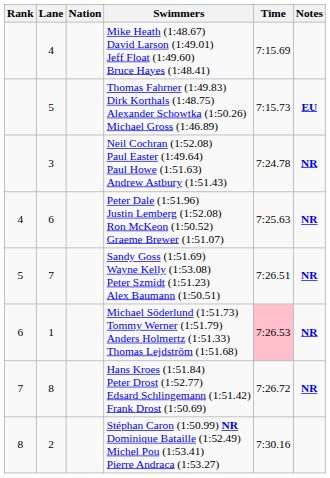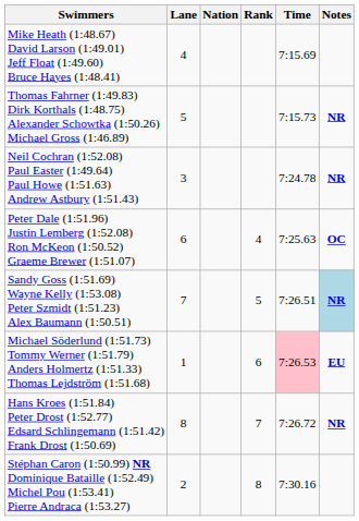 <table class="wikitable sortable" style="text-align:center">
 <tr>
-<th>Rank</th>
+<th>Swimmers</th>
 <th>Lane</th>
 <th>Nation</th>
-<th>Swimmers</th>
+<th>Rank</th>
 <th>Time</th>
 <th>Notes</th>
 </tr>
 <tr>
-<td></td>
+<td align=left><a href='#'>Mike Heath</a> (1:48.67)<br><a href='#'>David Larson</a> (1:49.01)<br><a href='#'>Jeff Float</a> (1:49.60)<br><a href='#'>Bruce Hayes</a> (1:48.41)</td>
 <td>4</td>
 <td align=left></td>
-<td align=left><a href='#'>Mike Heath</a> (1:48.67)<br><a href='#'>David Larson</a> (1:49.01)<br><a href='#'>Jeff Float</a> (1:49.60)<br><a href='#'>Bruce Hayes</a> (1:48.41)</td>
+<td></td>
 <td>7:15.69</td>
 <td></td>
 </tr>
 <tr>
-<td></td>
+<td align=left><a href='#'>Thomas Fahrner</a> (1:49.83)<br><a href='#'>Dirk Korthals</a> (1:48.75)<br><a href='#'>Alexander Schowtka</a> (1:50.26)<br><a href='#'>Michael Gross</a> (1:46.89)</td>
 <td>5</td>
 <td align=left></td>
-<td align=left><a href='#'>Thomas Fahrner</a> (1:49.83)<br><a href='#'>Dirk Korthals</a> (1:48.75)<br><a href='#'>Alexander Schowtka</a> (1:50.26)<br><a href='#'>Michael Gross</a> (1:46.89)</td>
+<td></td>
 <td>7:15.73</td>
-<td><strong><a href='#'>EU</a></strong></td>
+<td><strong><a href='#'>NR</a></strong></td>
 </tr>
 <tr>
-<td></td>
+<td align=left><a href='#'>Neil Cochran</a> (1:52.08)<br><a href='#'>Paul Easter</a> (1:49.64)<br><a href='#'>Paul Howe</a> (1:51.63)<br><a href='#'>Andrew Astbury</a> (1:51.43)</td>
 <td>3</td>
 <td align=left></td>
-<td align=left><a href='#'>Neil Cochran</a> (1:52.08)<br><a href='#'>Paul Easter</a> (1:49.64)<br><a href='#'>Paul Howe</a> (1:51.63)<br><a href='#'>Andrew Astbury</a> (1:51.43)</td>
+<td></td>
 <td>7:24.78</td>
 <td><strong><a href='#'>NR</a></strong></td>
 </tr>
 <tr>
-<td>4</td>
+<td align=left><a href='#'>Peter Dale</a> (1:51.96)<br><a href='#'>Justin Lemberg</a> (1:52.08)<br><a href='#'>Ron McKeon</a> (1:50.52)<br><a href='#'>Graeme Brewer</a> (1:51.07)</td>
 <td>6</td>
 <td align=left></td>
-<td align=left><a href='#'>Peter Dale</a> (1:51.96)<br><a href='#'>Justin Lemberg</a> (1:52.08)<br><a href='#'>Ron McKeon</a> (1:50.52)<br><a href='#'>Graeme Brewer</a> (1:51.07)</td>
+<td>4</td>
 <td>7:25.63</td>
-<td><strong><a href='#'>NR</a></strong></td>
+<td><strong><a href='#'>OC</a></strong></td>
 </tr>
 <tr>
-<td>5</td>
+<td align=left><a href='#'>Sandy Goss</a> (1:51.69)<br><a href='#'>Wayne Kelly</a> (1:53.08)<br><a href='#'>Peter Szmidt</a> (1:51.23)<br><a href='#'>Alex Baumann</a> (1:50.51)</td>
 <td>7</td>
 <td align=left></td>
-<td align=left><a href='#'>Sandy Goss</a> (1:51.69)<br><a href='#'>Wayne Kelly</a> (1:53.08)<br><a href='#'>Peter Szmidt</a> (1:51.23)<br><a href='#'>Alex Baumann</a> (1:50.51)</td>
+<td>5</td>
 <td>7:26.51</td>
-<td><strong><a href='#'>NR</a></strong></td>
+<td style="background: lightblue;"><strong><a href='#'>NR</a></strong></td>
 </tr>
 <tr>
-<td>6</td>
+<td align=left><a href='#'>Michael Söderlund</a> (1:51.73)<br><a href='#'>Tommy Werner</a> (1:51.79)<br><a href='#'>Anders Holmertz</a> (1:51.33)<br><a href='#'>Thomas Lejdström</a> (1:51.68)</td>
 <td>1</td>
 <td align=left></td>
-<td align=left><a href='#'>Michael Söderlund</a> (1:51.73)<br><a href='#'>Tommy Werner</a> (1:51.79)<br><a href='#'>Anders Holmertz</a> (1:51.33)<br><a href='#'>Thomas Lejdström</a> (1:51.68)</td>
+<td>6</td>
 <td style="background: pink;">7:26.53</td>
-<td><strong><a href='#'>NR</a></strong></td>
+<td><strong><a href='#'>EU</a></strong></td>
 </tr>
 <tr>
-<td>7</td>
+<td align=left><a href='#'>Hans Kroes</a> (1:51.84)<br><a href='#'>Peter Drost</a> (1:52.77)<br><a href='#'>Edsard Schlingemann</a> (1:51.42)<br><a href='#'>Frank Drost</a> (1:50.69)</td>
 <td>8</td>
 <td align=left></td>
-<td align=left><a href='#'>Hans Kroes</a> (1:51.84)<br><a href='#'>Peter Drost</a> (1:52.77)<br><a href='#'>Edsard Schlingemann</a> (1:51.42)<br><a href='#'>Frank Drost</a> (1:50.69)</td>
+<td>7</td>
 <td>7:26.72</td>
 <td><strong><a href='#'>NR</a></strong></td>
 </tr>
 <tr>
-<td>8</td>
+<td align=left><a href='#'>Stéphan Caron</a> (1:50.99) <strong><a href='#'>NR</a></strong><br><a href='#'>Dominique Bataille</a> (1:52.49)<br><a href='#'>Michel Pou</a> (1:53.41)<br><a href='#'>Pierre Andraca</a> (1:53.27)</td>
 <td>2</td>
 <td align=left></td>
-<td align=left><a href='#'>Stéphan Caron</a> (1:50.99) <strong><a href='#'>NR</a></strong><br><a href='#'>Dominique Bataille</a> (1:52.49)<br><a href='#'>Michel Pou</a> (1:53.41)<br><a href='#'>Pierre Andraca</a> (1:53.27)</td>
+<td>8</td>
 <td>7:30.16</td>
 <td></td>
 </tr>
 </table>
